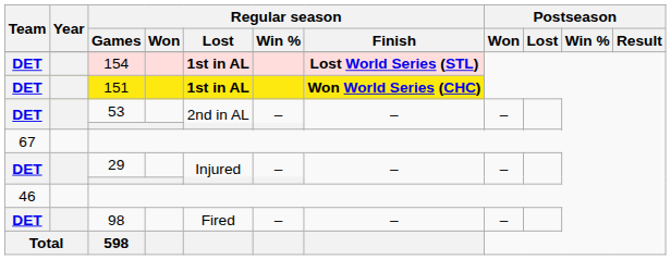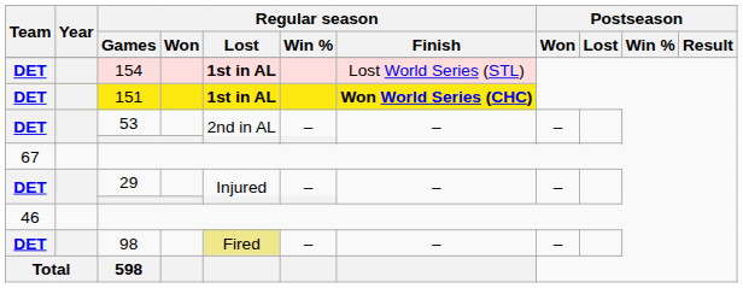 <table class="wikitable" style="font-size: 95%; text-align:center;">
 <tr>
 <th rowspan="2">Team</th>
 <th rowspan="2">Year</th>
 <th colspan="5">Regular season</th>
 <th colspan="4">Postseason</th>
 </tr>
 <tr>
 <th>Games</th>
 <th>Won</th>
 <th>Lost</th>
 <th>Win %</th>
 <th>Finish</th>
 <th>Won</th>
 <th>Lost</th>
 <th>Win %</th>
 <th>Result</th>
 </tr>
 <tr>
 </tr>
 <tr style="background:#fdd">
 <th><a href='#'>DET</a></th>
 <th></th>
 <td>154</td>
 <td></td>
 <td><strong>1st in AL</strong></td>
 <td></td>
-<td><strong>Lost <a href='#'>World Series</a> (<a href='#'>STL</a>)</strong></td>
+<td>Lost <a href='#'>World Series</a> (<a href='#'>STL</a>)</td>
 </tr>
 <tr style="background:#fde910">
 <th><a href='#'>DET</a></th>
 <th></th>
 <td>151</td>
 <td></td>
 <td><strong>1st in AL</strong></td>
 <td></td>
 <td><strong>Won <a href='#'>World Series</a> (<a href='#'>CHC</a>)</strong></td>
 </tr>
 <tr>
 <th rowspan=3><a href='#'>DET</a></th>
 <th rowspan=3></th>
 <td>53</td>
 <td></td>
 <td rowspan=3>2nd in AL</td>
 <td rowspan=3>–</td>
 <td rowspan=3>–</td>
 <td rowspan=3>–</td>
 <td rowspan=3></td>
 </tr>
 <tr>
 <th colspan=4></th>
 </tr>
 <tr>
 </tr>
 <tr>
 <td>67</td>
 <td></td>
 </tr>
 <tr>
 <th rowspan=3><a href='#'>DET</a></th>
 <th rowspan=3></th>
 <td>29</td>
 <td></td>
 <td rowspan=3>Injured</td>
 <td rowspan=3>–</td>
 <td rowspan=3>–</td>
 <td rowspan=3>–</td>
 <td rowspan=3></td>
 </tr>
 <tr>
 <th colspan=4></th>
 </tr>
 <tr>
 </tr>
 <tr>
 <td>46</td>
 <td></td>
 </tr>
 <tr>
 <th><a href='#'>DET</a></th>
 <th></th>
 <td>98</td>
 <td></td>
-<td>Fired</td>
+<td style="background: khaki;">Fired</td>
 <td>–</td>
 <td>–</td>
 <td>–</td>
 <td></td>
 </tr>
 <tr>
 <th colspan="2">Total</th>
 <th>598</th>
 <th></th>
 <th></th>
 <th></th>
 <th></th>
 </tr>
 </table>
